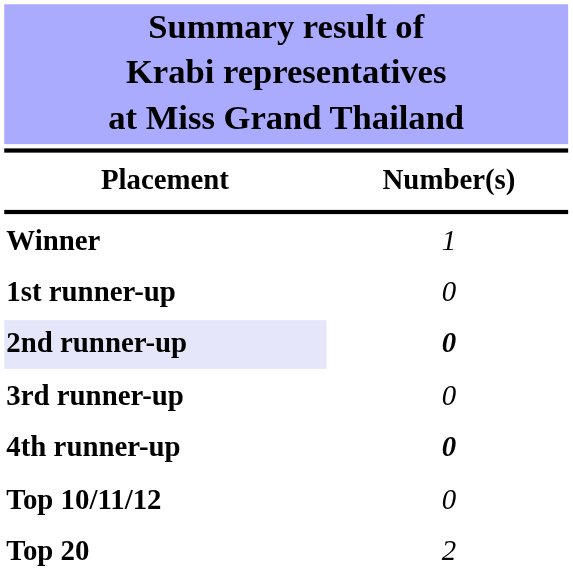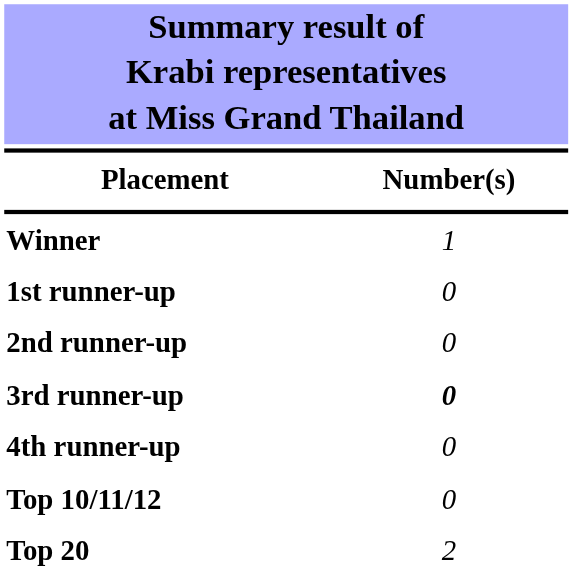 <table style="width: 270px; font-size:85%; line-height:1.5em;">
 <tr>
 <th colspan="2" align="center" style="background:#AAF;"><big>Summary result of<br>Krabi representatives<br>at Miss Grand Thailand</big></th>
 </tr>
 <tr>
 <td colspan="2" style="background:black"></td>
 </tr>
 <tr>
 <th scope="col">Placement</th>
 <th scope="col">Number(s)</th>
 </tr>
 <tr>
 <td colspan="2" style="background:black"></td>
 </tr>
 <tr>
 <td align="left"><strong>Winner</strong></td>
 <td align="center"><em>1</em></td>
 </tr>
 <tr>
 <td align="left"><strong>1st runner-up</strong></td>
 <td align="center"><em>0</em></td>
 </tr>
 <tr>
-<td align="left" style="background: lavender;"><strong>2nd runner-up</strong></td>
+<td align="left"><strong>2nd runner-up</strong></td>
+<td align="center"><em>0</em></td>
+</tr>
+<tr>
+<td align="left"><strong>3rd runner-up</strong></td>
 <td align="center"><strong><em>0</em></strong></td>
 </tr>
 <tr>
-<td align="left"><strong>3rd runner-up</strong></td>
+<td align="left"><strong>4th runner-up</strong></td>
 <td align="center"><em>0</em></td>
-</tr>
-<tr>
-<td align="left"><strong>4th runner-up</strong></td>
-<td align="center"><strong><em>0</em></strong></td>
 </tr>
 <tr>
 <td align="left"><strong>Top 10/11/12</strong></td>
 <td align="center"><em>0</em></td>
 </tr>
 <tr>
 <td align="left"><strong>Top 20</strong></td>
 <td align="center"><em>2</em></td>
 </tr>
 </table>
